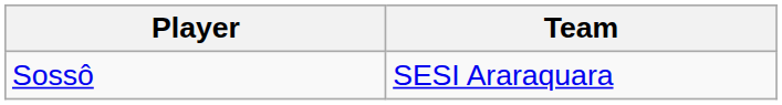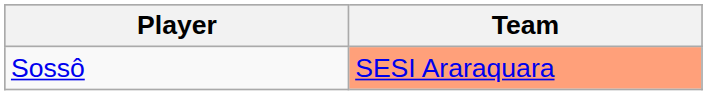 <table class="wikitable" style="text-align: center;">
 <tr>
 <th style="width:200px;">Player</th>
 <th style="width:205px;">Team</th>
 </tr>
 <tr>
 <td align=left> <a href='#'>Sossô</a></td>
-<td align=left> <a href='#'>SESI Araraquara</a></td>
+<td align=left style="background: lightsalmon;"> <a href='#'>SESI Araraquara</a></td>
 </tr>
 </table>
